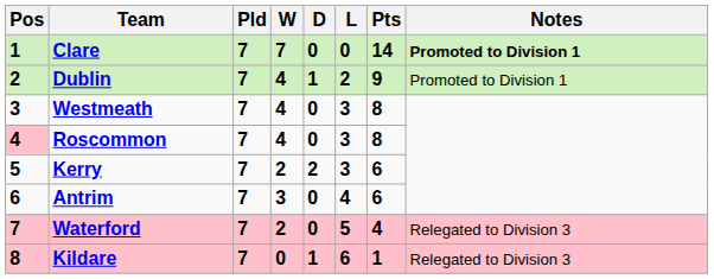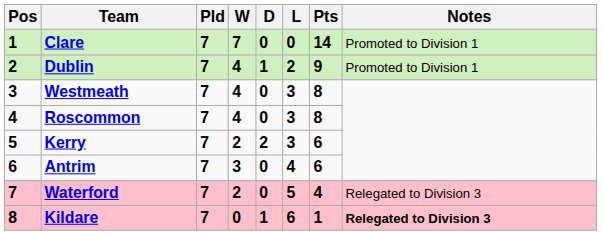 <table class="wikitable" style="text-align: centre;">
 <tr>
 <th width=20>Pos</th>
 <th width=150>Team</th>
 <th width=20>Pld</th>
 <th width=20>W</th>
 <th width=20>D</th>
 <th width=20>L</th>
 <th width=20>Pts</th>
 <th width=250>Notes</th>
 </tr>
 <tr style="background:#D0F0C0;">
 <td><strong>1</strong></td>
 <td align=left><strong> <a href='#'>Clare</a> </strong></td>
 <td><strong>7</strong></td>
 <td><strong>7</strong></td>
 <td><strong>0</strong></td>
 <td><strong>0</strong></td>
 <td><strong>14</strong></td>
-<td><strong><small> Promoted to Division 1</small></strong></td>
+<td><small> Promoted to Division 1</small></td>
 </tr>
 <tr style="background:#D0F0C0;">
 <td><strong>2</strong></td>
 <td align=left><strong> <a href='#'>Dublin</a> </strong></td>
 <td><strong>7</strong></td>
 <td><strong>4</strong></td>
 <td><strong>1</strong></td>
 <td><strong>2</strong></td>
 <td><strong>9</strong></td>
 <td><small> Promoted to Division 1</small></td>
 </tr>
 <tr>
 <td><strong>3</strong></td>
 <td align=left><strong> <a href='#'>Westmeath</a> </strong></td>
 <td><strong>7</strong></td>
 <td><strong>4</strong></td>
 <td><strong>0</strong></td>
 <td><strong>3</strong></td>
 <td><strong>8</strong></td>
 </tr>
 <tr>
-<td style="background: pink;"><strong>4</strong></td>
+<td><strong>4</strong></td>
 <td align=left><strong> <a href='#'>Roscommon</a> </strong></td>
 <td><strong>7</strong></td>
 <td><strong>4</strong></td>
 <td><strong>0</strong></td>
 <td><strong>3</strong></td>
 <td><strong>8</strong></td>
 </tr>
 <tr>
 <td><strong>5</strong></td>
 <td align=left><strong> <a href='#'>Kerry</a> </strong></td>
 <td><strong>7</strong></td>
 <td><strong>2</strong></td>
 <td><strong>2</strong></td>
 <td><strong>3</strong></td>
 <td><strong>6</strong></td>
 </tr>
 <tr>
 <td><strong>6</strong></td>
 <td align=left><strong> <a href='#'>Antrim</a> </strong></td>
 <td><strong>7</strong></td>
 <td><strong>3</strong></td>
 <td><strong>0</strong></td>
 <td><strong>4</strong></td>
 <td><strong>6</strong></td>
 </tr>
 <tr style="background:pink;">
 <td><strong>7</strong></td>
 <td align=left><strong> <a href='#'>Waterford</a></strong></td>
 <td><strong>7</strong></td>
 <td><strong>2</strong></td>
 <td><strong>0</strong></td>
 <td><strong>5</strong></td>
 <td><strong>4</strong></td>
 <td><small> Relegated to Division 3</small></td>
 </tr>
 <tr style="background:pink;">
 <td><strong>8</strong></td>
 <td align=left><strong> <a href='#'>Kildare</a></strong></td>
 <td><strong>7</strong></td>
 <td><strong>0</strong></td>
 <td><strong>1</strong></td>
 <td><strong>6</strong></td>
 <td><strong>1</strong></td>
-<td><small> Relegated to Division 3</small></td>
+<td><strong><small> Relegated to Division 3</small></strong></td>
 </tr>
 </table>
